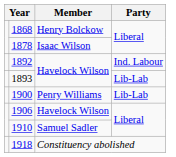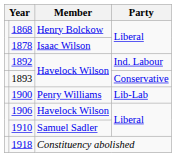 <table class="wikitable">
 <tr>
 <th colspan="2">Year</th>
 <th>Member</th>
 <th>Party</th>
 </tr>
 <tr>
 <td rowspan="2" style="color:inherit;background-color: "></td>
 <td><a href='#'>1868</a></td>
 <td><a href='#'>Henry Bolckow</a></td>
 <td rowspan="2"><a href='#'>Liberal</a></td>
 </tr>
 <tr>
 <td><a href='#'>1878</a></td>
 <td><a href='#'>Isaac Wilson</a></td>
 </tr>
 <tr>
 <td style="color:inherit;background-color: "></td>
 <td><a href='#'>1892</a></td>
 <td rowspan=2><a href='#'>Havelock Wilson</a></td>
 <td><a href='#'>Ind. Labour</a></td>
 </tr>
 <tr>
 <td style="color:inherit;background-color: "></td>
 <td>1893</td>
-<td><a href='#'>Lib-Lab</a></td>
+<td><a href='#'>Conservative</a></td>
 </tr>
 <tr>
 <td style="color:inherit;background-color: "></td>
 <td><a href='#'>1900</a></td>
 <td><a href='#'>Penry Williams</a></td>
 <td><a href='#'>Lib-Lab</a></td>
 </tr>
 <tr>
 <td rowspan="2" style="color:inherit;background-color: "></td>
 <td><a href='#'>1906</a></td>
 <td><a href='#'>Havelock Wilson</a></td>
 <td rowspan="2"><a href='#'>Liberal</a></td>
 </tr>
 <tr>
 <td><a href='#'>1910</a></td>
 <td><a href='#'>Samuel Sadler</a></td>
 </tr>
 <tr>
 <td></td>
 <td><a href='#'>1918</a></td>
 <td colspan="2"><em>Constituency abolished</em></td>
 </tr>
 </table>
